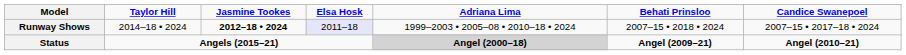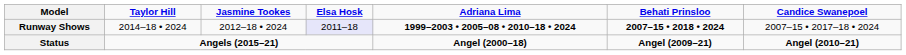 <table class="wikitable" style="font-size:85%; width:100%;" align="center">
 <tr>
 <th scope="row">Model</th>
 <td align="center"> <strong><a href='#'>Taylor Hill</a></strong></td>
 <td align="center"> <strong><a href='#'>Jasmine Tookes</a></strong></td>
 <td align="center"> <strong><a href='#'>Elsa Hosk</a></strong></td>
 <td align="center"> <strong><a href='#'>Adriana Lima</a></strong></td>
 <td align="center"><strong> <a href='#'>Behati Prinsloo</a></strong></td>
 <td align="center"><strong> <a href='#'>Candice Swanepoel</a></strong></td>
 </tr>
 <tr>
 <th scope="row">Runway Shows</th>
 <td align="center">2014–18 • 2024</td>
-<td align="center"><strong>2012–18 • 2024</strong></td>
+<td align="center">2012–18 • 2024</td>
 <td align="center" style="background: lavender;">2011–18</td>
-<td align="center">1999–2003 • 2005–08 • 2010–18 • 2024</td>
-<td align="center">2007–15 • 2018 • 2024</td>
+<td align="center"><strong>1999–2003 • 2005–08 • 2010–18 • 2024</strong></td>
+<td align="center"><strong>2007–15 • 2018 • 2024</strong></td>
 <td align="center">2007–15 • 2017–18 • 2024</td>
 </tr>
 <tr>
 <th>Status</th>
 <td colspan="3" align="center"><strong> Angels (2015–21)</strong></td>
-<td align="center" style="background: lightgrey;"><strong> Angel (2000–18)</strong></td>
+<td align="center"><strong> Angel (2000–18)</strong></td>
 <td align="center"><strong> Angel (2009–21)</strong></td>
 <td align="center"><strong> Angel (2010–21)</strong></td>
 </tr>
 </table>
